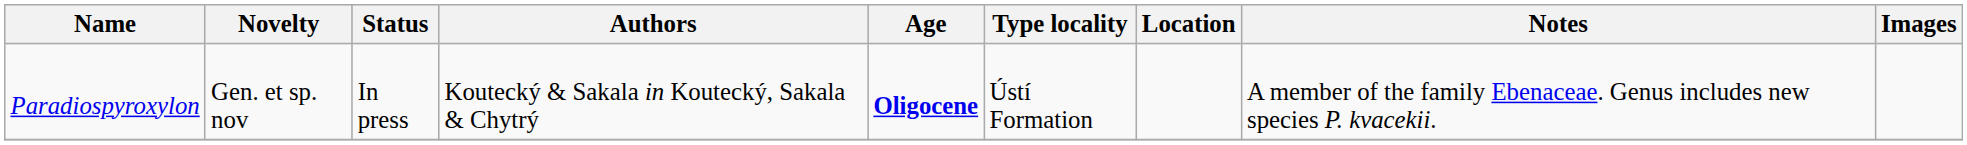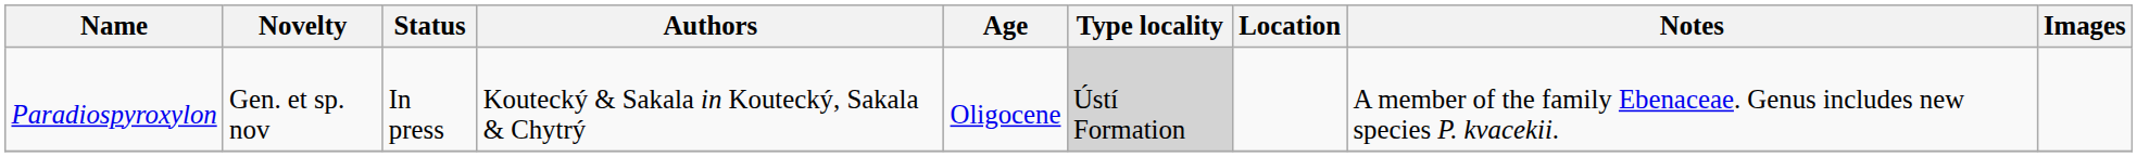 <table class="wikitable sortable" align="center" width="100%">
 <tr>
 <th>Name</th>
 <th>Novelty</th>
 <th>Status</th>
 <th>Authors</th>
 <th>Age</th>
 <th>Type locality</th>
 <th>Location</th>
 <th>Notes</th>
 <th>Images</th>
 </tr>
 <tr>
 <td><br><em><a href='#'>Paradiospyroxylon</a></em></td>
 <td><br>Gen. et sp. nov</td>
 <td><br>In press</td>
 <td><br>Koutecký & Sakala <em>in</em> Koutecký, Sakala & Chytrý</td>
-<td><strong><br><a href='#'>Oligocene</a></strong></td>
-<td><br>Ústí Formation</td>
+<td><br><a href='#'>Oligocene</a></td>
+<td style="background: lightgrey;"><br>Ústí Formation</td>
 <td><br></td>
 <td><br>A member of the family <a href='#'>Ebenaceae</a>. Genus includes new species <em>P. kvacekii</em>.</td>
 <td></td>
 </tr>
 <tr>
 </tr>
 </table>
